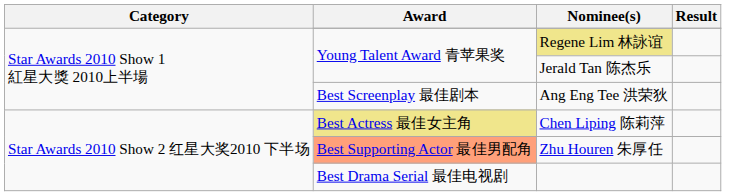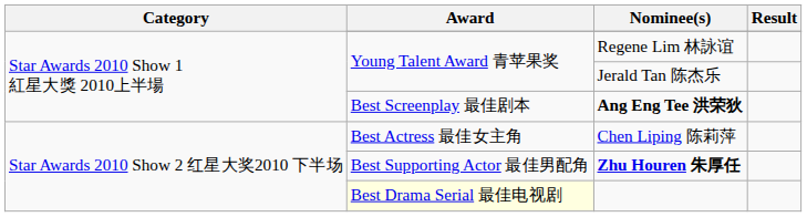 <table class="wikitable">
 <tr>
 <th>Category</th>
 <th>Award</th>
 <th>Nominee(s)</th>
 <th>Result</th>
 </tr>
 <tr>
 <td rowspan="4"><a href='#'>Star Awards 2010</a> Show 1  <br> 紅星大獎 2010上半場</td>
 </tr>
 <tr>
 <td rowspan="2"><a href='#'>Young Talent Award</a> 青苹果奖</td>
-<td style="background: khaki;">Regene Lim 林詠谊</td>
+<td>Regene Lim 林詠谊</td>
 <td></td>
 </tr>
 <tr>
 <td>Jerald Tan 陈杰乐</td>
 <td></td>
 </tr>
 <tr>
 <td><a href='#'>Best Screenplay</a> 最佳剧本</td>
-<td>Ang Eng Tee 洪荣狄</td>
+<td><strong>Ang Eng Tee 洪荣狄</strong></td>
 <td></td>
 </tr>
 <tr>
 <td rowspan="11"><a href='#'>Star Awards 2010</a> Show 2 红星大奖2010 下半场</td>
-<td style="background: khaki;"><a href='#'>Best Actress</a> 最佳女主角</td>
+<td><a href='#'>Best Actress</a> 最佳女主角</td>
 <td><a href='#'>Chen Liping</a> 陈莉萍</td>
 <td></td>
 </tr>
 <tr>
-<td style="background: lightsalmon;"><a href='#'>Best Supporting Actor</a>  最佳男配角</td>
-<td><a href='#'>Zhu Houren</a> 朱厚任</td>
+<td><a href='#'>Best Supporting Actor</a>  最佳男配角</td>
+<td><strong><a href='#'>Zhu Houren</a> 朱厚任</strong></td>
 <td></td>
 </tr>
 <tr>
-<td><a href='#'>Best Drama Serial</a> 最佳电视剧</td>
+<td style="background: lightyellow;"><a href='#'>Best Drama Serial</a> 最佳电视剧</td>
 <td></td>
 <td></td>
 </tr>
 </table>
